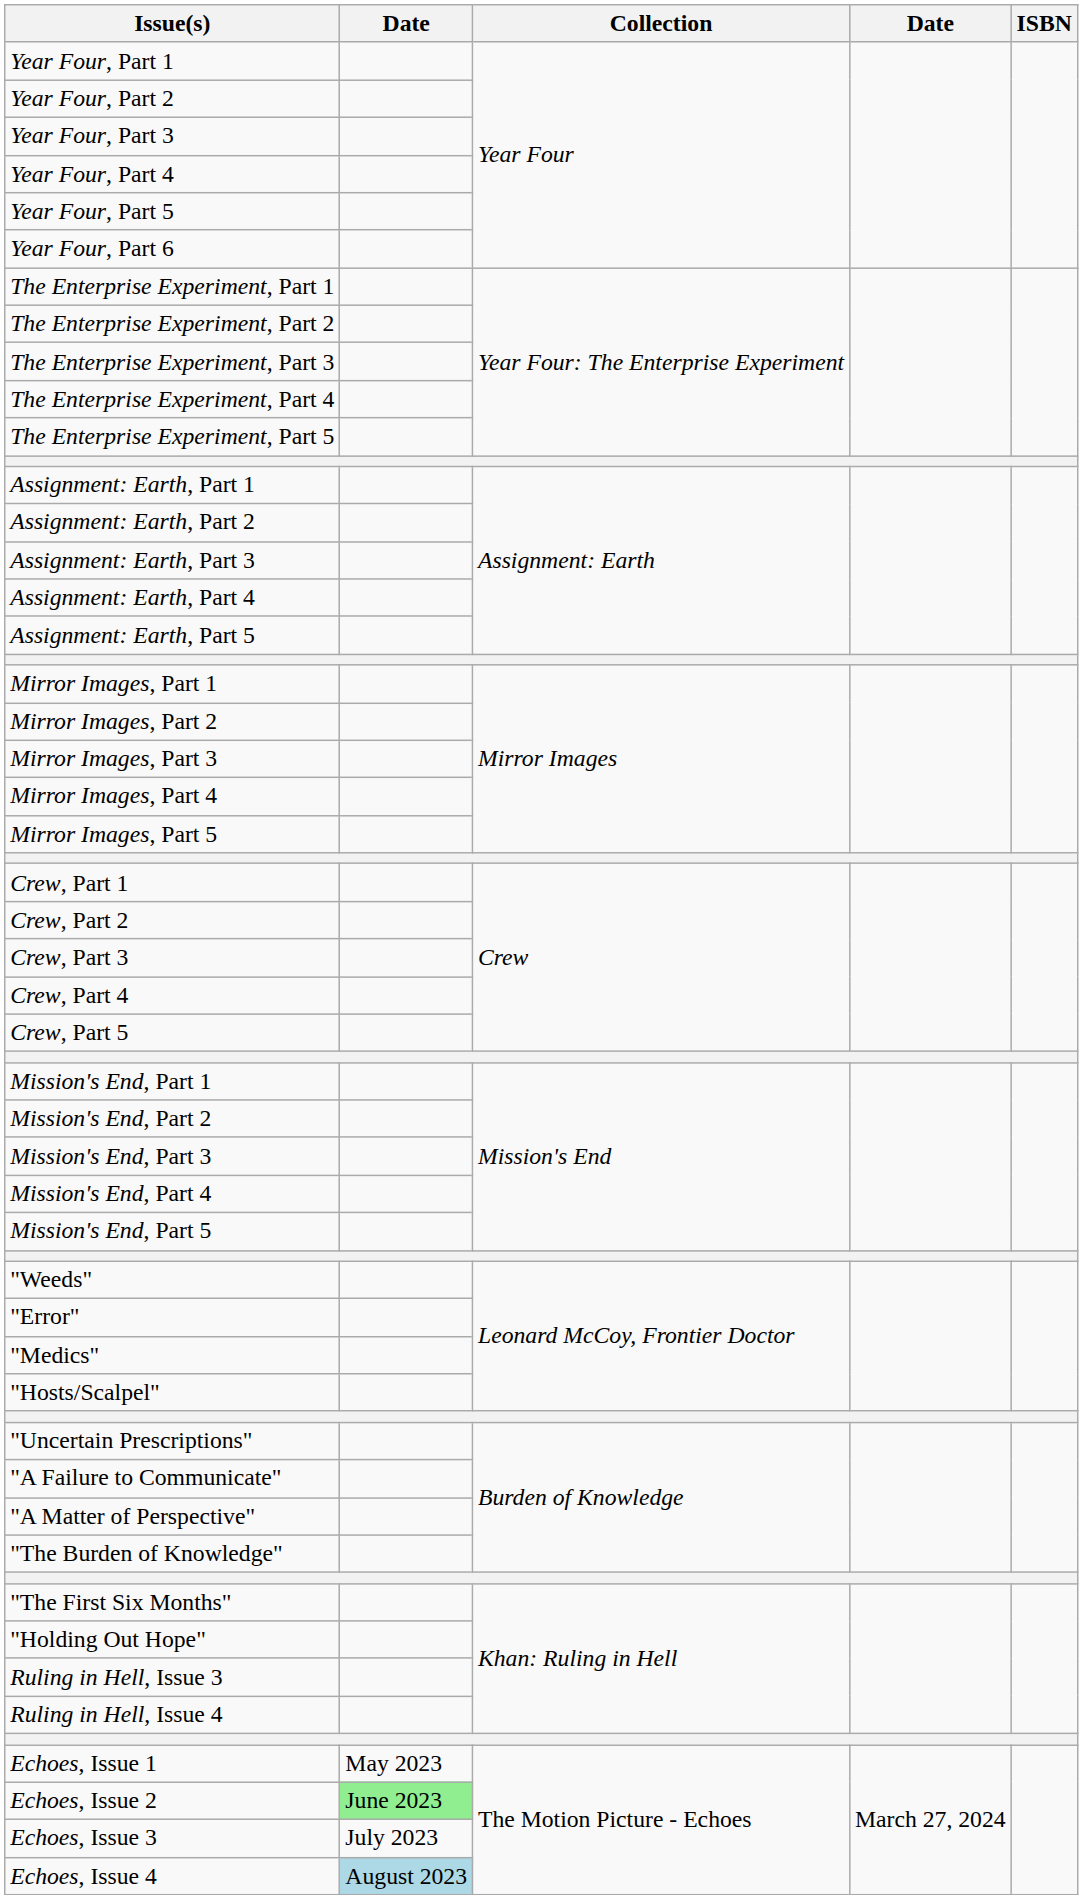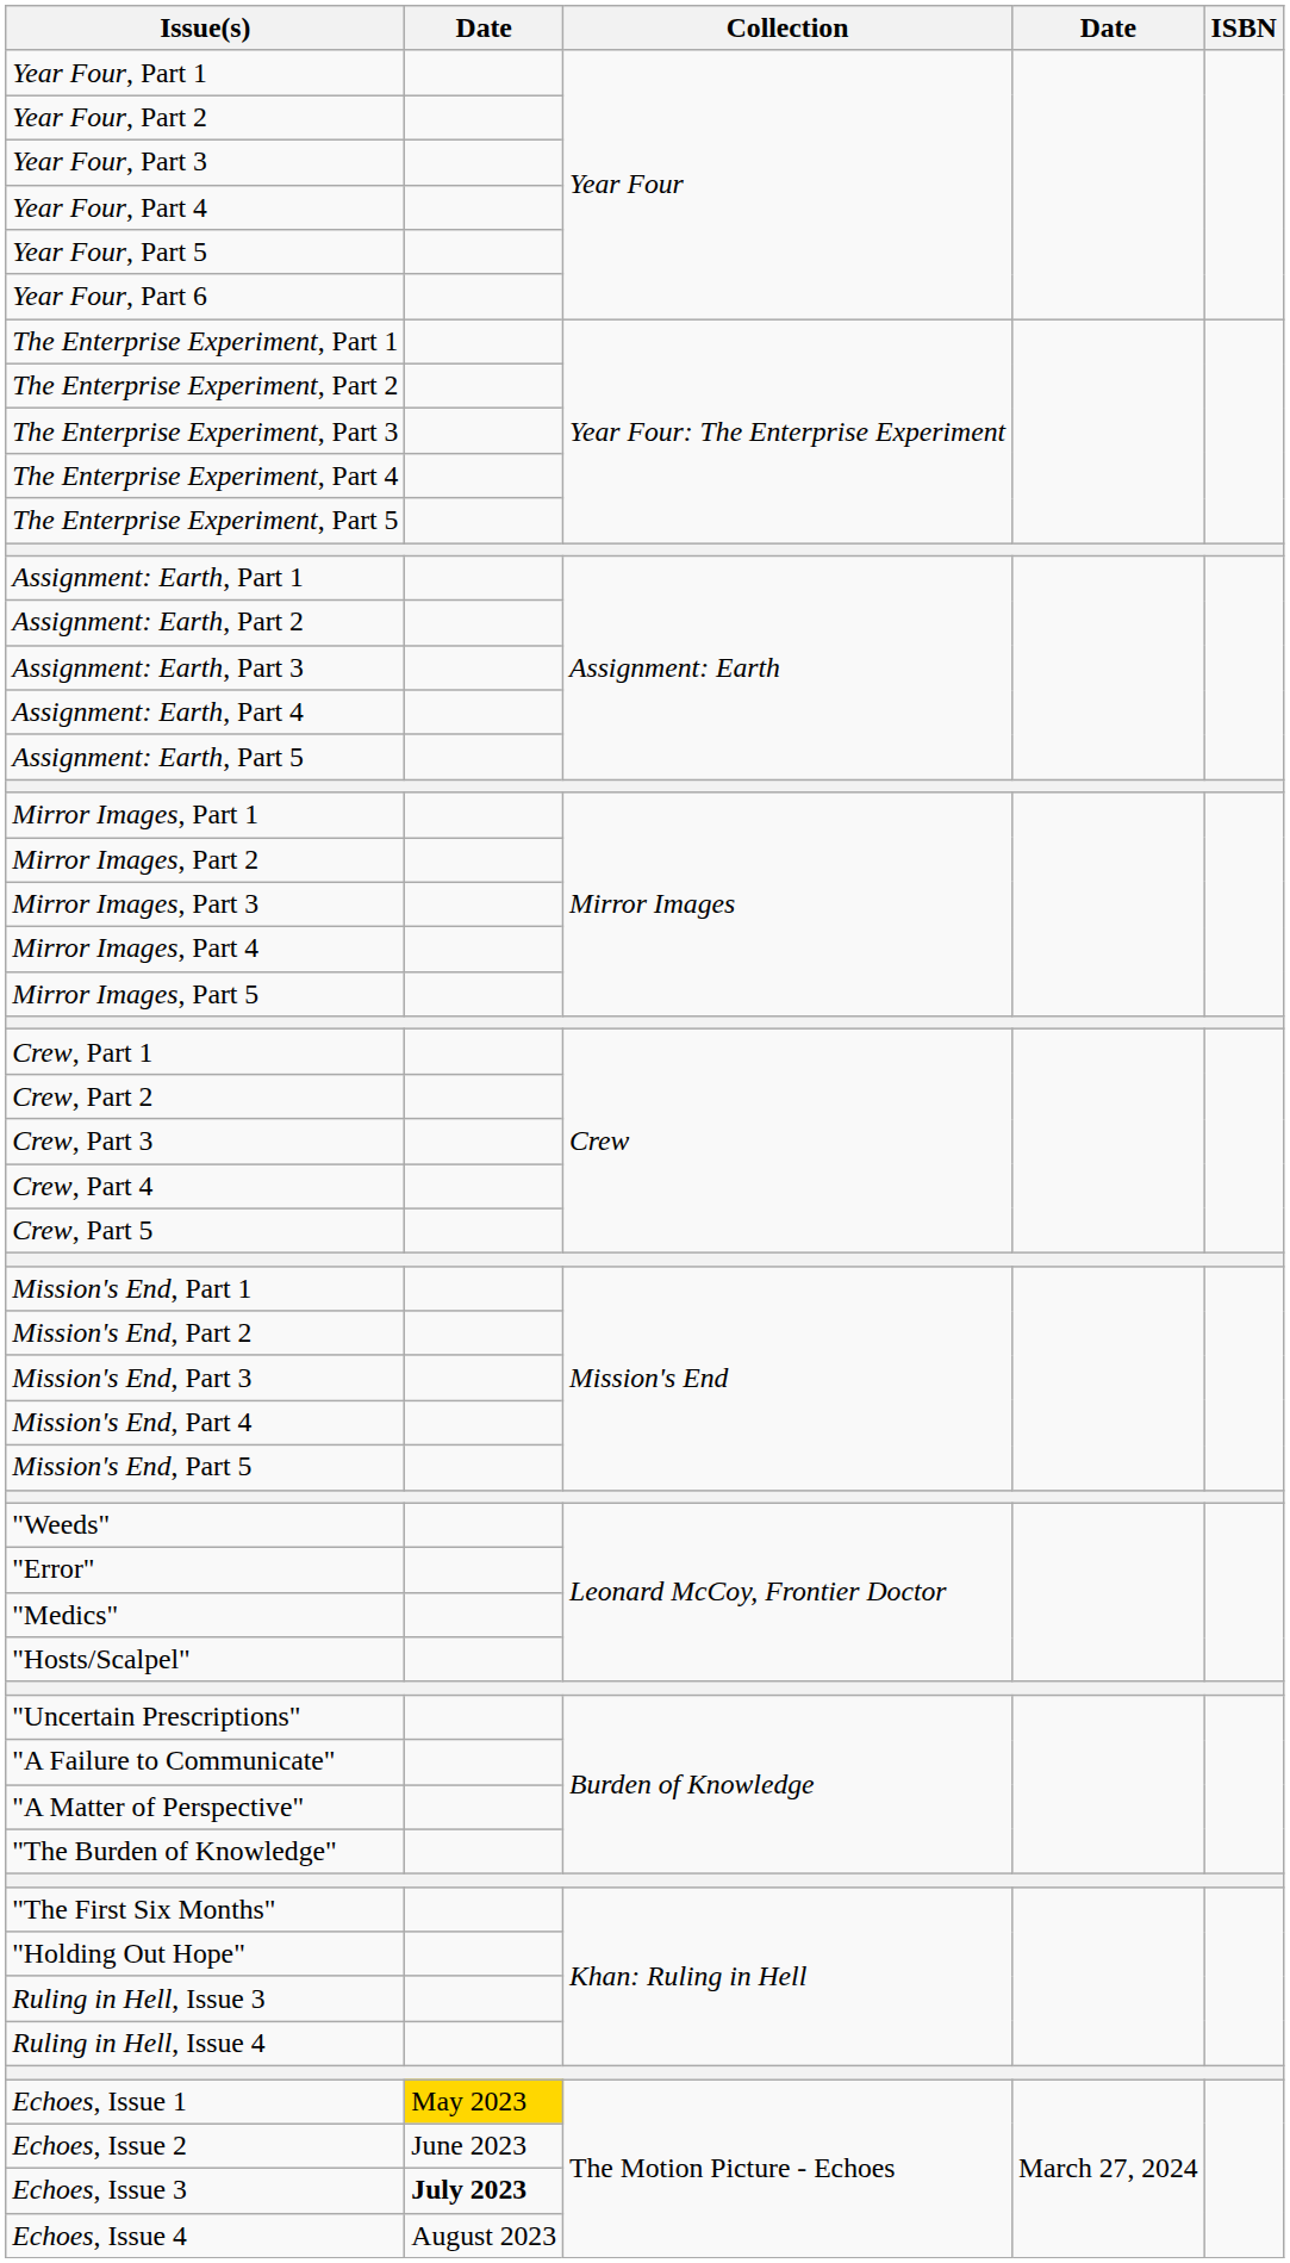 <table class="wikitable">
 <tr>
 <th>Issue(s)</th>
 <th>Date</th>
 <th>Collection</th>
 <th>Date</th>
 <th>ISBN</th>
 </tr>
 <tr>
 <td><em>Year Four</em>, Part 1</td>
 <td></td>
 <td rowspan="6"><em>Year Four</em></td>
 <td rowspan="6"></td>
 <td rowspan="6"></td>
 </tr>
 <tr>
 <td><em>Year Four</em>, Part 2</td>
 <td></td>
 </tr>
 <tr>
 <td><em>Year Four</em>, Part 3</td>
 <td></td>
 </tr>
 <tr>
 <td><em>Year Four</em>, Part 4</td>
 <td></td>
 </tr>
 <tr>
 <td><em>Year Four</em>, Part 5</td>
 <td></td>
 </tr>
 <tr>
 <td><em>Year Four</em>, Part 6</td>
 <td></td>
 </tr>
 <tr>
 <td><em>The Enterprise Experiment</em>, Part 1</td>
 <td></td>
 <td rowspan="5"><em>Year Four: The Enterprise Experiment</em></td>
 <td rowspan="5"></td>
 <td rowspan="5"></td>
 </tr>
 <tr>
 <td><em>The Enterprise Experiment</em>, Part 2</td>
 <td></td>
 </tr>
 <tr>
 <td><em>The Enterprise Experiment</em>, Part 3</td>
 <td></td>
 </tr>
 <tr>
 <td><em>The Enterprise Experiment</em>, Part 4</td>
 <td></td>
 </tr>
 <tr>
 <td><em>The Enterprise Experiment</em>, Part 5</td>
 <td></td>
 </tr>
 <tr>
 <th colspan="5"></th>
 </tr>
 <tr>
 <td><em>Assignment: Earth</em>, Part 1</td>
 <td></td>
 <td rowspan="5"><em>Assignment: Earth</em></td>
 <td rowspan="5"></td>
 <td rowspan="5"></td>
 </tr>
 <tr>
 <td><em>Assignment: Earth</em>, Part 2</td>
 <td></td>
 </tr>
 <tr>
 <td><em>Assignment: Earth</em>, Part 3</td>
 <td></td>
 </tr>
 <tr>
 <td><em>Assignment: Earth</em>, Part 4</td>
 <td></td>
 </tr>
 <tr>
 <td><em>Assignment: Earth</em>, Part 5</td>
 <td></td>
 </tr>
 <tr>
 <th colspan="5"></th>
 </tr>
 <tr>
 <td><em>Mirror Images</em>, Part 1</td>
 <td></td>
 <td rowspan="5"><em>Mirror Images</em></td>
 <td rowspan="5"></td>
 <td rowspan="5"></td>
 </tr>
 <tr>
 <td><em>Mirror Images</em>, Part 2</td>
 <td></td>
 </tr>
 <tr>
 <td><em>Mirror Images</em>, Part 3</td>
 <td></td>
 </tr>
 <tr>
 <td><em>Mirror Images</em>, Part 4</td>
 <td></td>
 </tr>
 <tr>
 <td><em>Mirror Images</em>, Part 5</td>
 <td></td>
 </tr>
 <tr>
 <th colspan="5"></th>
 </tr>
 <tr>
 <td><em>Crew</em>, Part 1</td>
 <td></td>
 <td rowspan="5"><em>Crew</em></td>
 <td rowspan="5"></td>
 <td rowspan="5"></td>
 </tr>
 <tr>
 <td><em>Crew</em>, Part 2</td>
 <td></td>
 </tr>
 <tr>
 <td><em>Crew</em>, Part 3</td>
 <td></td>
 </tr>
 <tr>
 <td><em>Crew</em>, Part 4</td>
 <td></td>
 </tr>
 <tr>
 <td><em>Crew</em>, Part 5</td>
 <td></td>
 </tr>
 <tr>
 <th colspan="5"></th>
 </tr>
 <tr>
 <td><em>Mission's End</em>, Part 1</td>
 <td></td>
 <td rowspan="5"><em>Mission's End</em></td>
 <td rowspan="5"></td>
 <td rowspan="5"></td>
 </tr>
 <tr>
 <td><em>Mission's End</em>, Part 2</td>
 <td></td>
 </tr>
 <tr>
 <td><em>Mission's End</em>, Part 3</td>
 <td></td>
 </tr>
 <tr>
 <td><em>Mission's End</em>, Part 4</td>
 <td></td>
 </tr>
 <tr>
 <td><em>Mission's End</em>, Part 5</td>
 <td></td>
 </tr>
 <tr>
 <th colspan="5"></th>
 </tr>
 <tr>
 <td>"Weeds"</td>
 <td></td>
 <td rowspan="4"><em>Leonard McCoy, Frontier Doctor</em></td>
 <td rowspan="4"></td>
 <td rowspan="4"></td>
 </tr>
 <tr>
 <td>"Error"</td>
 <td></td>
 </tr>
 <tr>
 <td>"Medics"</td>
 <td></td>
 </tr>
 <tr>
 <td>"Hosts/Scalpel"</td>
 <td></td>
 </tr>
 <tr>
 <th colspan="5"></th>
 </tr>
 <tr>
 <td>"Uncertain Prescriptions"</td>
 <td></td>
 <td rowspan="4"><em>Burden of Knowledge </em></td>
 <td rowspan="4"></td>
 <td rowspan="4"></td>
 </tr>
 <tr>
 <td>"A Failure to Communicate"</td>
 <td></td>
 </tr>
 <tr>
 <td>"A Matter of Perspective"</td>
 <td></td>
 </tr>
 <tr>
 <td>"The Burden of Knowledge"</td>
 <td></td>
 </tr>
 <tr>
 <th colspan="5"></th>
 </tr>
 <tr>
 <td>"The First Six Months"</td>
 <td></td>
 <td rowspan="4"><em>Khan: Ruling in Hell</em></td>
 <td rowspan="4"></td>
 <td rowspan="4"></td>
 </tr>
 <tr>
 <td>"Holding Out Hope"</td>
 <td></td>
 </tr>
 <tr>
 <td><em>Ruling in Hell</em>, Issue 3</td>
 <td></td>
 </tr>
 <tr>
 <td><em>Ruling in Hell</em>, Issue 4</td>
 <td></td>
 </tr>
 <tr>
 <th colspan="5"></th>
 </tr>
 <tr>
 <td><em>Echoes</em>, Issue 1</td>
-<td>May 2023</td>
+<td style="background: gold;">May 2023</td>
 <td rowspan="4">The Motion Picture - Echoes</td>
 <td rowspan="4">March 27, 2024</td>
 <td rowspan="4"></td>
 </tr>
 <tr>
 <td><em>Echoes</em>, Issue 2</td>
-<td style="background: lightgreen;">June 2023</td>
+<td>June 2023</td>
 </tr>
 <tr>
 <td><em>Echoes</em>, Issue 3</td>
-<td>July 2023</td>
+<td><strong>July 2023</strong></td>
 </tr>
 <tr>
 <td><em>Echoes</em>, Issue 4</td>
-<td style="background: lightblue;">August 2023</td>
+<td>August 2023</td>
 </tr>
 </table>
